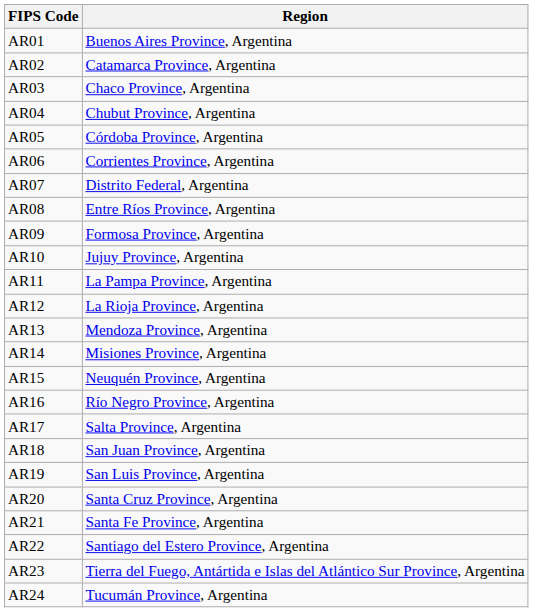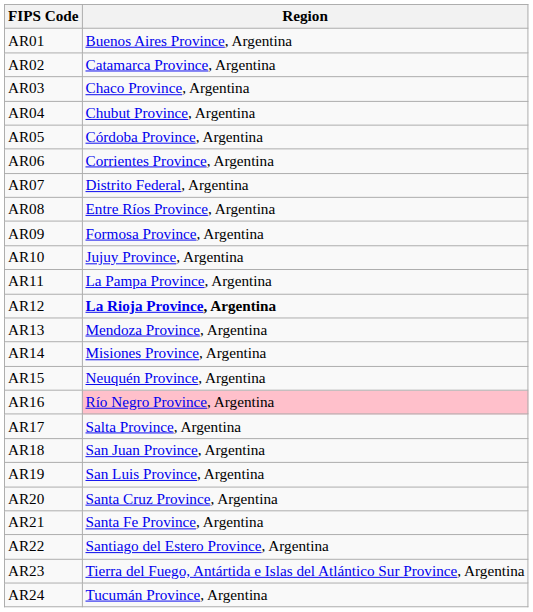 <table class="wikitable">
 <tr>
 <th>FIPS Code</th>
 <th>Region</th>
 </tr>
 <tr>
 <td>AR01</td>
 <td><a href='#'>Buenos Aires Province</a>, Argentina</td>
 </tr>
 <tr>
 <td>AR02</td>
 <td><a href='#'>Catamarca Province</a>, Argentina</td>
 </tr>
 <tr>
 <td>AR03</td>
 <td><a href='#'>Chaco Province</a>, Argentina</td>
 </tr>
 <tr>
 <td>AR04</td>
 <td><a href='#'>Chubut Province</a>, Argentina</td>
 </tr>
 <tr>
 <td>AR05</td>
 <td><a href='#'>Córdoba Province</a>, Argentina</td>
 </tr>
 <tr>
 <td>AR06</td>
 <td><a href='#'>Corrientes Province</a>, Argentina</td>
 </tr>
 <tr>
 <td>AR07</td>
 <td><a href='#'>Distrito Federal</a>, Argentina</td>
 </tr>
 <tr>
 <td>AR08</td>
 <td><a href='#'>Entre Ríos Province</a>, Argentina</td>
 </tr>
 <tr>
 <td>AR09</td>
 <td><a href='#'>Formosa Province</a>, Argentina</td>
 </tr>
 <tr>
 <td>AR10</td>
 <td><a href='#'>Jujuy Province</a>, Argentina</td>
 </tr>
 <tr>
 <td>AR11</td>
 <td><a href='#'>La Pampa Province</a>, Argentina</td>
 </tr>
 <tr>
 <td>AR12</td>
-<td><a href='#'>La Rioja Province</a>, Argentina</td>
+<td><strong><a href='#'>La Rioja Province</a>, Argentina</strong></td>
 </tr>
 <tr>
 <td>AR13</td>
 <td><a href='#'>Mendoza Province</a>, Argentina</td>
 </tr>
 <tr>
 <td>AR14</td>
 <td><a href='#'>Misiones Province</a>, Argentina</td>
 </tr>
 <tr>
 <td>AR15</td>
 <td><a href='#'>Neuquén Province</a>, Argentina</td>
 </tr>
 <tr>
 <td>AR16</td>
-<td><a href='#'>Río Negro Province</a>, Argentina</td>
+<td style="background: pink;"><a href='#'>Río Negro Province</a>, Argentina</td>
 </tr>
 <tr>
 <td>AR17</td>
 <td><a href='#'>Salta Province</a>, Argentina</td>
 </tr>
 <tr>
 <td>AR18</td>
 <td><a href='#'>San Juan Province</a>, Argentina</td>
 </tr>
 <tr>
 <td>AR19</td>
 <td><a href='#'>San Luis Province</a>, Argentina</td>
 </tr>
 <tr>
 <td>AR20</td>
 <td><a href='#'>Santa Cruz Province</a>, Argentina</td>
 </tr>
 <tr>
 <td>AR21</td>
 <td><a href='#'>Santa Fe Province</a>, Argentina</td>
 </tr>
 <tr>
 <td>AR22</td>
 <td><a href='#'>Santiago del Estero Province</a>, Argentina</td>
 </tr>
 <tr>
 <td>AR23</td>
 <td><a href='#'>Tierra del Fuego, Antártida e Islas del Atlántico Sur Province</a>, Argentina</td>
 </tr>
 <tr>
 <td>AR24</td>
 <td><a href='#'>Tucumán Province</a>, Argentina</td>
 </tr>
 </table>
